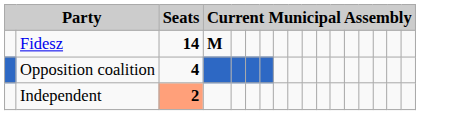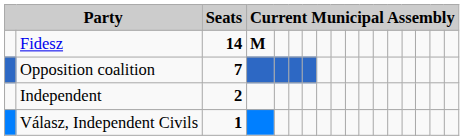 <table class="wikitable">
 <tr>
 <th style="background:#ccc" colspan="2">Party</th>
 <th style="background:#ccc">Seats</th>
 <th style="background:#ccc" colspan="14">Current Municipal Assembly</th>
 </tr>
 <tr>
 <td style="background-color: "> </td>
 <td><a href='#'>Fidesz</a></td>
 <td style="text-align: right"><strong>14</strong></td>
 <td style="background-color: "><span><strong>M</strong></span></td>
 <td style="background-color: "> </td>
 <td style="background-color: "> </td>
 <td style="background-color: "> </td>
 <td style="background-color: "> </td>
 <td style="background-color: "> </td>
 <td style="background-color: "> </td>
 <td style="background-color: "> </td>
 <td style="background-color: "> </td>
 <td style="background-color: "> </td>
 <td style="background-color: "> </td>
 <td style="background-color: "> </td>
 <td style="background-color: "> </td>
 <td style="background-color: "> </td>
 </tr>
 <tr>
 <td style="background-color: #2D68C4"> </td>
 <td>Opposition coalition</td>
-<td style="text-align: right"><strong>4</strong></td>
+<td style="text-align: right"><strong>7</strong></td>
 <td style="background-color: #2D68C4"> </td>
 <td style="background-color: #2D68C4"> </td>
 <td style="background-color: #2D68C4"> </td>
 <td style="background-color: #2D68C4"> </td>
 <td> </td>
 <td> </td>
 <td> </td>
 <td> </td>
 <td> </td>
 <td> </td>
 <td> </td>
 <td> </td>
 <td> </td>
 <td> </td>
 </tr>
 <tr>
 <td style="background-color: "> </td>
 <td>Independent</td>
-<td style="background: lightsalmon; text-align: right"><strong>2</strong></td>
+<td style="text-align: right"><strong>2</strong></td>
 <td style="background-color: "> </td>
 <td style="background-color: "> </td>
 <td> </td>
 <td> </td>
 <td> </td>
 <td> </td>
 <td> </td>
 <td> </td>
 <td> </td>
 <td> </td>
 <td> </td>
 <td> </td>
 <td> </td>
 <td> </td>
 </tr>
+<tr>
+<td style="background-color: #007FFF"> </td>
+<td>Válasz, Independent Civils</td>
+<td style="text-align: right"><strong>1</strong></td>
+<td style="background-color: #007FFF"> </td>
+<td> </td>
+<td> </td>
+<td> </td>
+<td> </td>
+<td> </td>
+<td> </td>
+<td> </td>
+<td> </td>
+<td> </td>
+<td> </td>
+<td> </td>
+<td> </td>
+<td> </td>
+</tr>
 </table>
